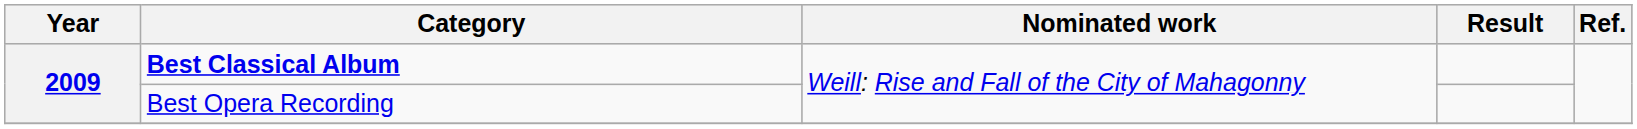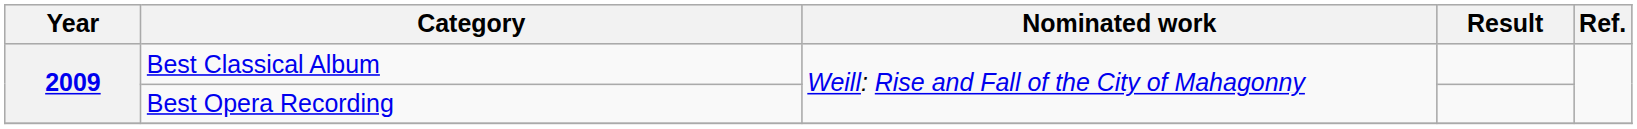 <table class=wikitable>
 <tr>
 <th scope="col" style="width:5em;">Year</th>
 <th scope="col" style="width:26em;">Category</th>
 <th scope="col" style="width:25em;">Nominated work</th>
 <th scope="col" style="width:5em;">Result</th>
 <th>Ref.</th>
 </tr>
 <tr>
 <th Scope=row, rowspan=2><a href='#'>2009</a></th>
-<td><strong><a href='#'>Best Classical Album</a></strong></td>
+<td><a href='#'>Best Classical Album</a></td>
 <td rowspan="2"><em><a href='#'>Weill</a>: <a href='#'>Rise and Fall of the City of Mahagonny</a></em></td>
 <td></td>
 <td rowspan=2></td>
 </tr>
 <tr>
 <td><a href='#'>Best Opera Recording</a></td>
 <td></td>
 </tr>
 <tr>
 </tr>
 </table>
